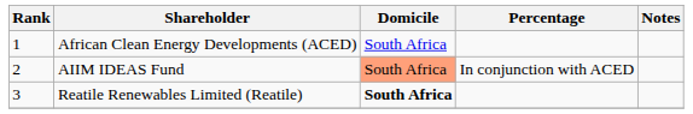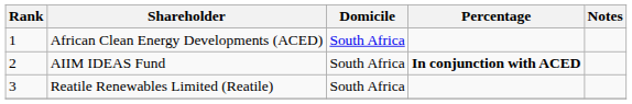 <table class="wikitable sortable" style="margin: 0.5em auto">
 <tr>
 <th>Rank</th>
 <th>Shareholder</th>
 <th>Domicile</th>
 <th>Percentage</th>
 <th>Notes</th>
 </tr>
 <tr>
 <td>1</td>
 <td>African Clean Energy Developments (ACED)</td>
 <td><a href='#'>South Africa</a></td>
 <td></td>
 <td></td>
 </tr>
 <tr>
 <td>2</td>
 <td>AIIM IDEAS Fund</td>
-<td style="background: lightsalmon;">South Africa</td>
-<td>In conjunction with ACED</td>
+<td>South Africa</td>
+<td><strong>In conjunction with ACED</strong></td>
 <td></td>
 </tr>
 <tr>
 <td>3</td>
 <td>Reatile Renewables Limited (Reatile)</td>
-<td><strong>South Africa</strong></td>
+<td>South Africa</td>
 <td></td>
 <td></td>
 </tr>
 <tr>
 </tr>
 </table>
